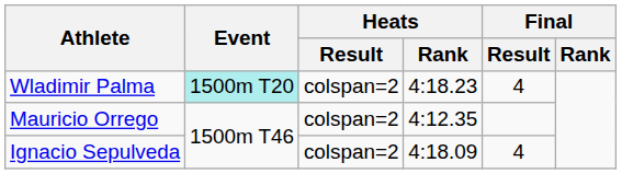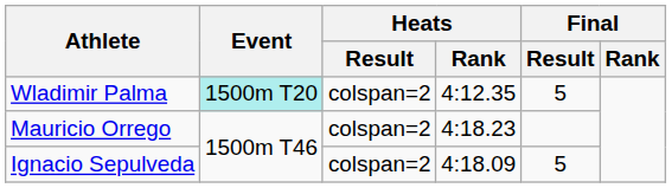 <table class=wikitable style="font-size:90%">
 <tr>
 <th rowspan="2">Athlete</th>
 <th rowspan="2">Event</th>
 <th colspan="2">Heats</th>
 <th colspan="3">Final</th>
 </tr>
 <tr>
 <th>Result</th>
 <th>Rank</th>
 <th>Result</th>
 <th>Rank</th>
 </tr>
 <tr align=center>
 <td align=left><a href='#'>Wladimir Palma</a></td>
 <td align=left style="background: paleturquoise;">1500m T20</td>
 <td>colspan=2 </td>
-<td>4:18.23</td>
-<td>4</td>
+<td>4:12.35</td>
+<td>5</td>
 </tr>
 <tr align=center>
 <td align=left><a href='#'>Mauricio Orrego</a></td>
 <td align=left rowspan="2">1500m T46</td>
 <td>colspan=2 </td>
-<td>4:12.35</td>
+<td>4:18.23</td>
 <td></td>
 </tr>
 <tr align=center>
 <td align=left><a href='#'>Ignacio Sepulveda</a></td>
 <td>colspan=2 </td>
 <td>4:18.09</td>
-<td>4</td>
+<td>5</td>
 </tr>
 </table>
